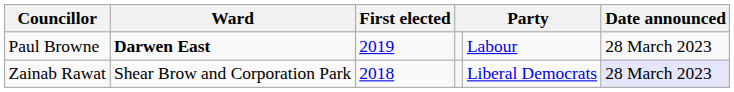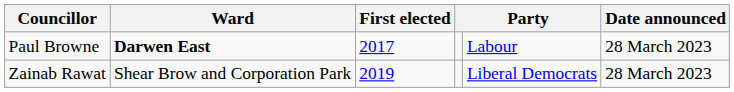 <table class="wikitable sortable">
 <tr>
 <th scope="col">Councillor</th>
 <th scope="col">Ward</th>
 <th scope="col">First elected</th>
 <th colspan="2" scope="col">Party</th>
 <th scope="col">Date announced</th>
 </tr>
 <tr>
 <td>Paul Browne</td>
 <td><strong>Darwen East</strong></td>
-<td><a href='#'>2019</a></td>
+<td><a href='#'>2017</a></td>
 <td></td>
 <td><a href='#'>Labour</a></td>
 <td>28 March 2023</td>
 </tr>
 <tr>
 <td>Zainab Rawat</td>
 <td>Shear Brow and Corporation Park</td>
-<td><a href='#'>2018</a></td>
+<td><a href='#'>2019</a></td>
 <td></td>
 <td><a href='#'>Liberal Democrats</a></td>
-<td style="background: lavender;">28 March 2023</td>
+<td>28 March 2023</td>
 </tr>
 </table>
